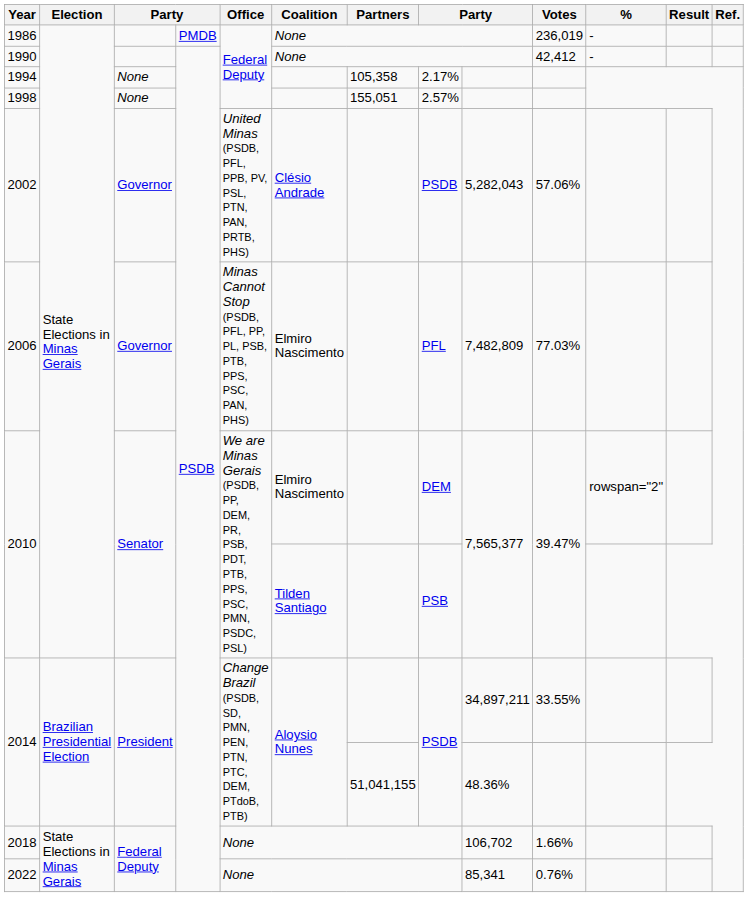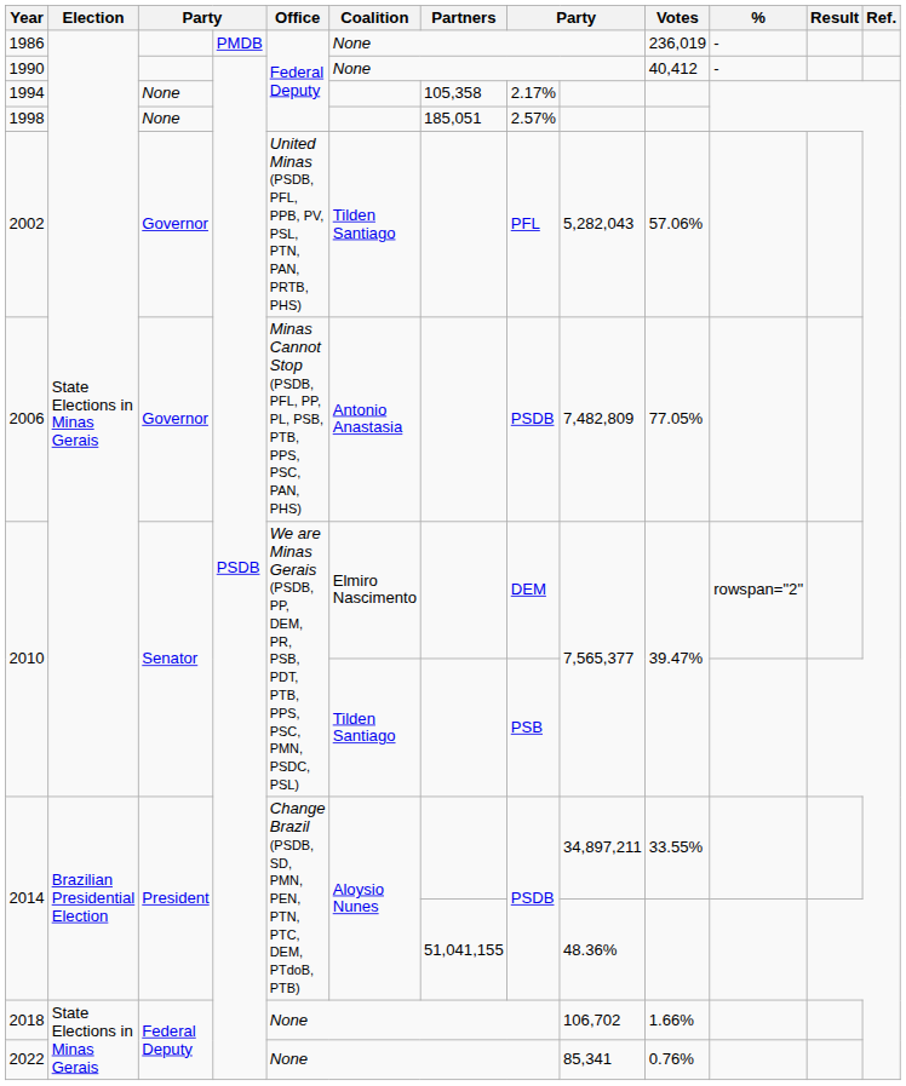 <table class="wikitable">
 <tr>
 <th>Year</th>
 <th>Election</th>
 <th colspan="2">Party</th>
 <th>Office</th>
 <th>Coalition</th>
 <th>Partners</th>
 <th colspan="2">Party</th>
 <th>Votes</th>
 <th>%</th>
 <th>Result</th>
 <th>Ref.</th>
 </tr>
 <tr>
 <td>1986</td>
 <td rowspan="8">State Elections in <a href='#'>Minas Gerais</a></td>
 <td style="background-color:"></td>
 <td><a href='#'>PMDB</a></td>
 <td rowspan="4"><a href='#'>Federal Deputy</a></td>
 <td colspan="4"><em>None</em></td>
 <td>236,019</td>
 <td>-</td>
 <td></td>
 <td></td>
 </tr>
 <tr>
 <td>1990</td>
 <td style="background-color:"></td>
 <td rowspan="11"><a href='#'>PSDB</a></td>
 <td colspan="4"><em>None</em></td>
-<td>42,412</td>
+<td>40,412</td>
 <td>-</td>
 <td></td>
 <td></td>
 </tr>
 <tr>
 <td>1994</td>
 <td colspan="4"><em>None</em></td>
 <td>105,358</td>
 <td>2.17%</td>
 <td></td>
 <td></td>
 </tr>
 <tr>
 <td>1998</td>
 <td colspan="4"><em>None</em></td>
-<td>155,051</td>
+<td>185,051</td>
 <td>2.57%</td>
 <td></td>
 <td></td>
 </tr>
 <tr>
 <td>2002</td>
 <td><a href='#'>Governor</a></td>
 <td><em>United Minas</em><br><small>(PSDB, PFL, PPB, PV, PSL, PTN, PAN, PRTB, PHS)</small></td>
-<td><a href='#'>Clésio Andrade</a></td>
+<td><a href='#'>Tilden Santiago</a></td>
 <td style="background-color:"></td>
-<td><a href='#'>PSDB</a></td>
+<td><a href='#'>PFL</a></td>
 <td>5,282,043</td>
 <td>57.06%</td>
 <td></td>
 <td></td>
 </tr>
 <tr>
 <td>2006</td>
 <td><a href='#'>Governor</a></td>
 <td><em>Minas Cannot Stop</em><br><small>(PSDB, PFL, PP, PL, PSB, PTB, PPS, PSC, PAN, PHS)</small></td>
-<td>Elmiro Nascimento</td>
+<td><a href='#'>Antonio Anastasia</a></td>
 <td style="background-color:"></td>
-<td><a href='#'>PFL</a></td>
+<td><a href='#'>PSDB</a></td>
 <td>7,482,809</td>
-<td>77.03%</td>
+<td>77.05%</td>
 <td></td>
 <td></td>
 </tr>
 <tr>
 <td rowspan="2">2010</td>
 <td rowspan="2"><a href='#'>Senator</a></td>
 <td rowspan="2"><em>We are Minas Gerais</em><br><small>(PSDB, PP, DEM, PR, PSB, PDT, PTB, PPS, PSC, PMN, PSDC, PSL)</small></td>
 <td>Elmiro Nascimento</td>
 <td style="background-color:"></td>
 <td><a href='#'>DEM</a></td>
 <td rowspan="2">7,565,377</td>
 <td rowspan="2">39.47%</td>
 <td>rowspan="2"  </td>
 <td></td>
 </tr>
 <tr>
 <td><a href='#'>Tilden Santiago</a></td>
 <td style="background-color:"></td>
 <td><a href='#'>PSB</a></td>
 <td></td>
 </tr>
 <tr>
 <td rowspan="2">2014</td>
 <td rowspan="2"><a href='#'>Brazilian Presidential Election</a></td>
 <td rowspan="2"><a href='#'>President</a></td>
 <td rowspan="2"><em>Change Brazil</em><br><small>(PSDB, SD, PMN, PEN, PTN, PTC, DEM, PTdoB, PTB)</small></td>
 <td rowspan="2"><a href='#'>Aloysio Nunes</a></td>
 <td style="background-color:"></td>
 <td rowspan="2"><a href='#'>PSDB</a></td>
 <td>34,897,211</td>
 <td>33.55%</td>
 <td></td>
 <td></td>
 </tr>
 <tr>
 <td>51,041,155</td>
 <td>48.36%</td>
 <td></td>
 <td></td>
 </tr>
 <tr>
 <td>2018</td>
 <td rowspan="2">State Elections in <a href='#'>Minas Gerais</a></td>
 <td rowspan="2"><a href='#'>Federal Deputy</a></td>
 <td colspan="4"><em>None</em></td>
 <td>106,702</td>
 <td>1.66%</td>
 <td></td>
 <td></td>
 </tr>
 <tr>
 <td>2022</td>
 <td colspan="4"><em>None</em></td>
 <td>85,341</td>
 <td>0.76%</td>
 <td></td>
 <td></td>
 </tr>
 </table>
